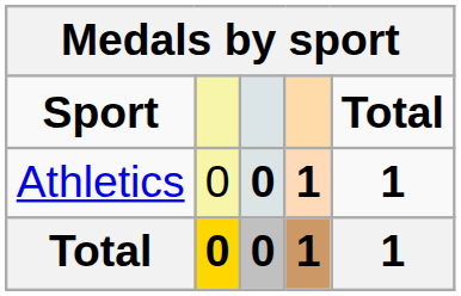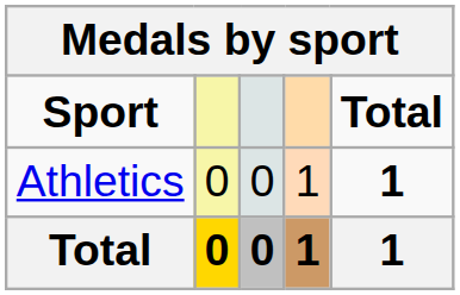 <table class=wikitable style=text-align:center;">
 <tr bgcolor=EFEFEF>
 <th colspan=7><strong>Medals by sport</strong></th>
 </tr>
 <tr>
 <td><strong>Sport</strong></td>
 <td bgcolor=F7F6A8></td>
 <td bgcolor=DCE5E5></td>
 <td bgcolor=FFDBA9></td>
 <td><strong>Total</strong></td>
 </tr>
 <tr>
 <td><a href='#'>Athletics</a></td>
 <td bgcolor=F7F6A8>0</td>
-<td bgcolor=DCE5E5><strong>0</strong></td>
-<td bgcolor=FFDAB9><strong>1</strong></td>
+<td bgcolor=DCE5E5>0</td>
+<td bgcolor=FFDAB9>1</td>
 <td><strong>1</strong></td>
 </tr>
 <tr>
 <th><strong>Total</strong></th>
 <th style="background:gold;"><strong>0</strong></th>
 <th style="background:silver;"><strong>0</strong></th>
 <th style="background:#c96;"><strong>1</strong></th>
 <th><strong>1</strong></th>
 </tr>
 </table>
